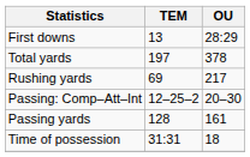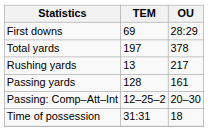 <table class="wikitable" style="float: left;">
 <tr>
 <th>Statistics</th>
 <th>TEM</th>
 <th>OU</th>
 </tr>
 <tr>
 <td>First downs</td>
-<td>13</td>
+<td>69</td>
 <td>28:29</td>
 </tr>
 <tr>
 <td>Total yards</td>
 <td>197</td>
 <td>378</td>
 </tr>
 <tr>
 <td>Rushing yards</td>
-<td>69</td>
+<td>13</td>
 <td>217</td>
+</tr>
+<tr>
+<td>Passing yards</td>
+<td>128</td>
+<td>161</td>
 </tr>
 <tr>
 <td>Passing: Comp–Att–Int</td>
 <td>12–25–2</td>
 <td>20–30</td>
-</tr>
-<tr>
-<td>Passing yards</td>
-<td>128</td>
-<td>161</td>
 </tr>
 <tr>
 <td>Time of possession</td>
 <td>31:31</td>
 <td>18</td>
 </tr>
 <tr>
 </tr>
 </table>
